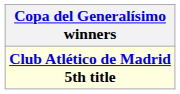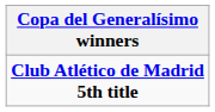 <table class="wikitable" style="text-align: center; margin: 0 auto;">
 <tr>
 <th><a href='#'>Copa del Generalísimo</a><br>winners</th>
 </tr>
 <tr>
-<td style="background: lightyellow;"><strong><a href='#'>Club Atlético de Madrid</a></strong><br><strong>5th title</strong></td>
+<td><strong><a href='#'>Club Atlético de Madrid</a></strong><br><strong>5th title</strong></td>
 </tr>
 </table>
